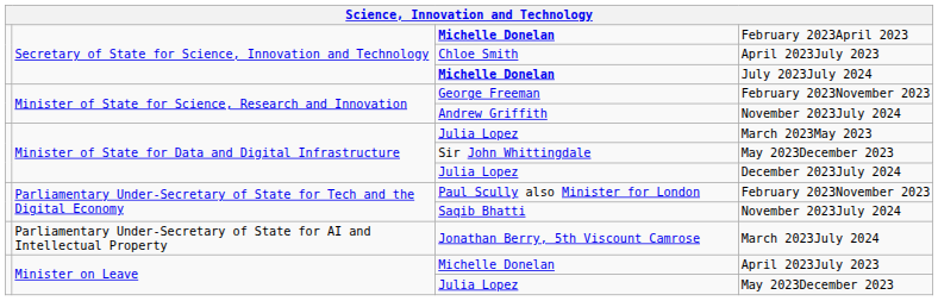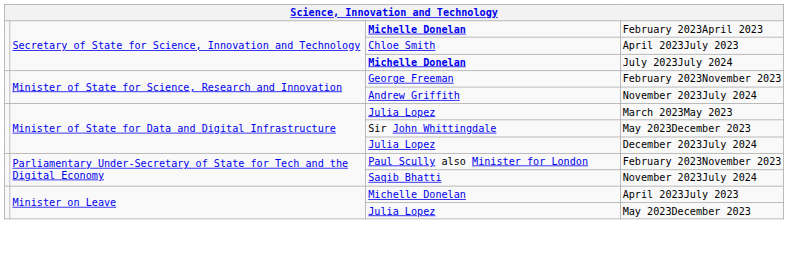 <table class="wikitable">
 <tr>
 <th colspan="4"><a href='#'>Science, Innovation and Technology</a></th>
 </tr>
 <tr>
 <td rowspan=3 style="width: 1px; background: "></td>
 <td rowspan=3 style="width: 450px;"><a href='#'>Secretary of State for Science, Innovation and Technology</a></td>
 <td style="width: 320px;"><strong><a href='#'>Michelle Donelan</a></strong></td>
 <td>February 2023April 2023</td>
 </tr>
 <tr>
 <td style="width: 320px;"><a href='#'>Chloe Smith</a> </td>
 <td>April 2023July 2023</td>
 </tr>
 <tr>
 <td style="width: 320px;"><strong><a href='#'>Michelle Donelan</a></strong></td>
 <td>July 2023July 2024</td>
 </tr>
 <tr>
 <td rowspan=2 style="width: 1px; background: "></td>
 <td rowspan=2 style="width: 450px;"><a href='#'>Minister of State for Science, Research and Innovation</a></td>
 <td><a href='#'>George Freeman</a></td>
 <td>February 2023November 2023</td>
 </tr>
 <tr>
 <td><a href='#'>Andrew Griffith</a> </td>
 <td>November 2023July 2024</td>
 </tr>
 <tr>
 <td rowspan=3 style="width: 1px; background: "></td>
 <td rowspan=3 style="width: 450px;"><a href='#'>Minister of State for Data and Digital Infrastructure</a></td>
 <td><a href='#'>Julia Lopez</a></td>
 <td>March 2023May 2023</td>
 </tr>
 <tr>
 <td>Sir <a href='#'>John Whittingdale</a> </td>
 <td>May 2023December 2023</td>
 </tr>
 <tr>
 <td><a href='#'>Julia Lopez</a></td>
 <td>December 2023July 2024</td>
 </tr>
 <tr>
 <td rowspan=2 style="width: 1px; background: "></td>
 <td rowspan=2 style="width: 45opx;"><a href='#'>Parliamentary Under-Secretary of State for Tech and the Digital Economy</a></td>
 <td><a href='#'>Paul Scully</a> also <a href='#'>Minister for London</a></td>
 <td>February 2023November 2023</td>
 </tr>
 <tr>
 <td><a href='#'>Saqib Bhatti</a></td>
 <td>November 2023July 2024</td>
 </tr>
 <tr>
-<td style="width: 1px; background: "></td>
-<td style="width: 450px;">Parliamentary Under-Secretary of State for AI and Intellectual Property</td>
-<td><a href='#'>Jonathan Berry, 5th Viscount Camrose</a> </td>
-<td>March 2023July 2024</td>
-</tr>
-<tr>
 <td rowspan=2 style="width: 1px; background: "></td>
 <td rowspan=2 style="width: 450px;"><a href='#'>Minister on Leave</a></td>
 <td><a href='#'>Michelle Donelan</a></td>
 <td>April 2023July 2023</td>
 </tr>
 <tr>
 <td><a href='#'>Julia Lopez</a></td>
 <td>May 2023December 2023</td>
 </tr>
 </table>
